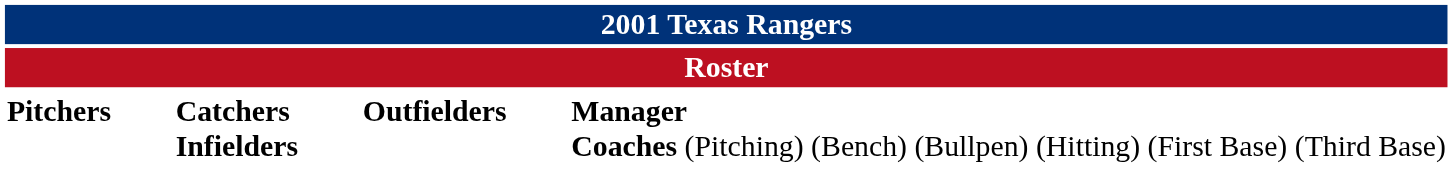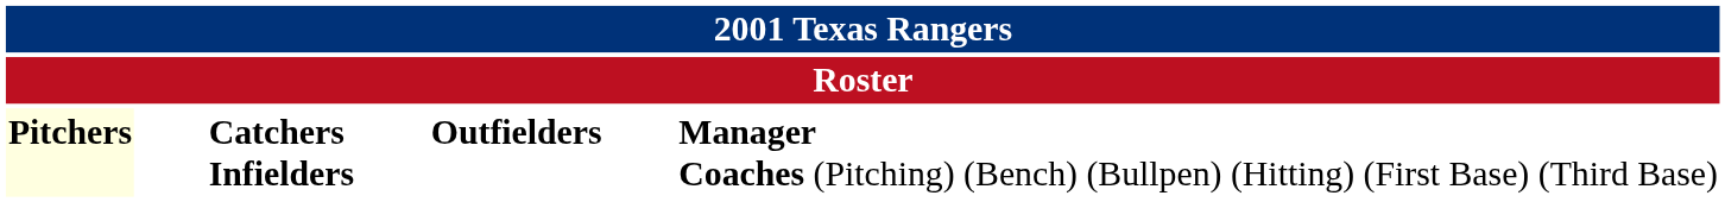 <table class="toccolours" style="font-size: 95%;">
 <tr>
 <th colspan="10" style="background-color: #003279; color: #FFFFFF; text-align: center;">2001 Texas Rangers</th>
 </tr>
 <tr>
 <td colspan="10" style="background-color: #bd1021; color: white; text-align: center;"><strong>Roster</strong></td>
 </tr>
 <tr>
-<td valign="top"><strong>Pitchers</strong><br>                        </td>
+<td valign="top" style="background: lightyellow;"><strong>Pitchers</strong><br>                        </td>
 <td width="25px"></td>
 <td valign="top"><strong>Catchers</strong><br>     <strong>Infielders</strong>          </td>
 <td width="25px"></td>
 <td valign="top"><strong>Outfielders</strong><br>          </td>
 <td width="25px"></td>
 <td valign="top"><strong>Manager</strong><br>  <strong>Coaches</strong>  (Pitching)  (Bench)  (Bullpen)  (Hitting)  (First Base)  (Third Base)</td>
 </tr>
 </table>
